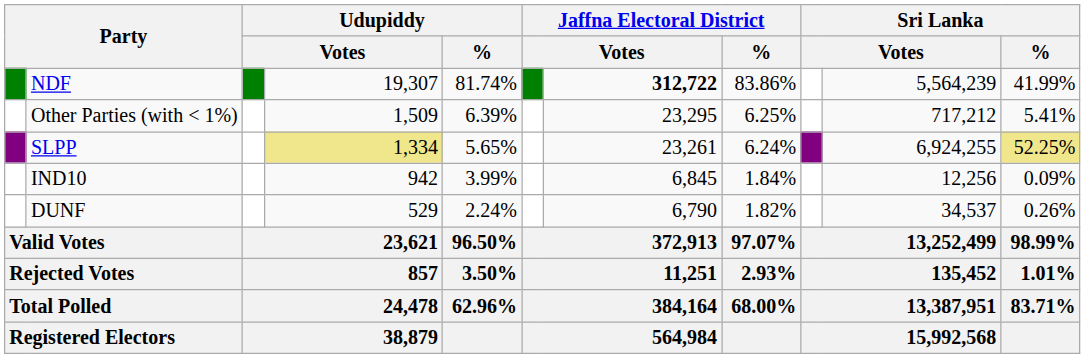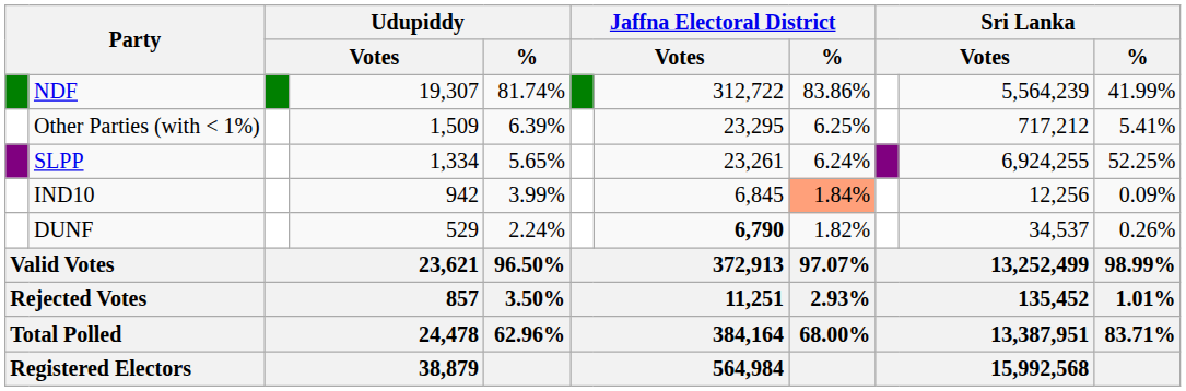 <table class="wikitable">
 <tr>
 <th colspan="2" width="144px"rowspan="2">Party</th>
 <th colspan="3" width="216px">Udupiddy</th>
 <th colspan="3" width="216px"><a href='#'>Jaffna Electoral District</a></th>
 <th colspan="3" width="216px">Sri Lanka</th>
 </tr>
 <tr>
 <th colspan="2" width="144px">Votes</th>
 <th>%</th>
 <th colspan="2" width="144px">Votes</th>
 <th>%</th>
 <th colspan="2" width="144px">Votes</th>
 <th>%</th>
 </tr>
 <tr>
 <td style="background-color:green;" width="10px"></td>
 <td style="text-align:left;"><a href='#'>NDF</a></td>
 <td style="background-color:green;" width="10px"></td>
 <td style="text-align:right;">19,307</td>
 <td style="text-align:right;">81.74%</td>
 <td style="background-color:green;" width="10px"></td>
-<td style="text-align:right;"><strong>312,722</strong></td>
+<td style="text-align:right;">312,722</td>
 <td style="text-align:right;">83.86%</td>
 <td style="background-color:white;" width="10px"></td>
 <td style="text-align:right;">5,564,239</td>
 <td style="text-align:right;">41.99%</td>
 </tr>
 <tr>
 <td style="background-color:white;" width="10px"></td>
 <td style="text-align:left;">Other Parties (with < 1%)</td>
 <td style="background-color:white;" width="10px"></td>
 <td style="text-align:right;">1,509</td>
 <td style="text-align:right;">6.39%</td>
 <td style="background-color:white;" width="10px"></td>
 <td style="text-align:right;">23,295</td>
 <td style="text-align:right;">6.25%</td>
 <td style="background-color:white;" width="10px"></td>
 <td style="text-align:right;">717,212</td>
 <td style="text-align:right;">5.41%</td>
 </tr>
 <tr>
 <td style="background-color:purple;" width="10px"></td>
 <td style="text-align:left;"><a href='#'>SLPP</a></td>
 <td style="background-color:white;" width="10px"></td>
-<td style="background: khaki; text-align:right;">1,334</td>
+<td style="text-align:right;">1,334</td>
 <td style="text-align:right;">5.65%</td>
 <td style="background-color:white;" width="10px"></td>
 <td style="text-align:right;">23,261</td>
 <td style="text-align:right;">6.24%</td>
 <td style="background-color:purple;" width="10px"></td>
 <td style="text-align:right;">6,924,255</td>
-<td style="background: khaki; text-align:right;">52.25%</td>
+<td style="text-align:right;">52.25%</td>
 </tr>
 <tr>
 <td style="background-color:white;" width="10px"></td>
 <td style="text-align:left;">IND10</td>
 <td style="background-color:white;" width="10px"></td>
 <td style="text-align:right;">942</td>
 <td style="text-align:right;">3.99%</td>
 <td style="background-color:white;" width="10px"></td>
 <td style="text-align:right;">6,845</td>
-<td style="text-align:right;">1.84%</td>
+<td style="background: lightsalmon; text-align:right;">1.84%</td>
 <td style="background-color:white;" width="10px"></td>
 <td style="text-align:right;">12,256</td>
 <td style="text-align:right;">0.09%</td>
 </tr>
 <tr>
 <td style="background-color:white;" width="10px"></td>
 <td style="text-align:left;">DUNF</td>
 <td style="background-color:white;" width="10px"></td>
 <td style="text-align:right;">529</td>
 <td style="text-align:right;">2.24%</td>
 <td style="background-color:white;" width="10px"></td>
-<td style="text-align:right;">6,790</td>
+<td style="text-align:right;"><strong>6,790</strong></td>
 <td style="text-align:right;">1.82%</td>
 <td style="background-color:white;" width="10px"></td>
 <td style="text-align:right;">34,537</td>
 <td style="text-align:right;">0.26%</td>
 </tr>
 <tr>
 <th colspan="2" width="144px"style="text-align:left;">Valid Votes</th>
 <th style="text-align:right;"colspan="2" width="144px">23,621</th>
 <th style="text-align:right;">96.50%</th>
 <th style="text-align:right;"colspan="2" width="144px">372,913</th>
 <th style="text-align:right;">97.07%</th>
 <th style="text-align:right;"colspan="2" width="144px">13,252,499</th>
 <th style="text-align:right;">98.99%</th>
 </tr>
 <tr>
 <th colspan="2" width="144px"style="text-align:left;">Rejected Votes</th>
 <th style="text-align:right;"colspan="2" width="144px">857</th>
 <th style="text-align:right;">3.50%</th>
 <th style="text-align:right;"colspan="2" width="144px">11,251</th>
 <th style="text-align:right;">2.93%</th>
 <th style="text-align:right;"colspan="2" width="144px">135,452</th>
 <th style="text-align:right;">1.01%</th>
 </tr>
 <tr>
 <th colspan="2" width="144px"style="text-align:left;">Total Polled</th>
 <th style="text-align:right;"colspan="2" width="144px">24,478</th>
 <th style="text-align:right;">62.96%</th>
 <th style="text-align:right;"colspan="2" width="144px">384,164</th>
 <th style="text-align:right;">68.00%</th>
 <th style="text-align:right;"colspan="2" width="144px">13,387,951</th>
 <th style="text-align:right;">83.71%</th>
 </tr>
 <tr>
 <th colspan="2" width="144px"style="text-align:left;">Registered Electors</th>
 <th style="text-align:right;"colspan="2" width="144px">38,879</th>
 <th></th>
 <th style="text-align:right;"colspan="2" width="144px">564,984</th>
 <th></th>
 <th style="text-align:right;"colspan="2" width="144px">15,992,568</th>
 <th></th>
 </tr>
 </table>
